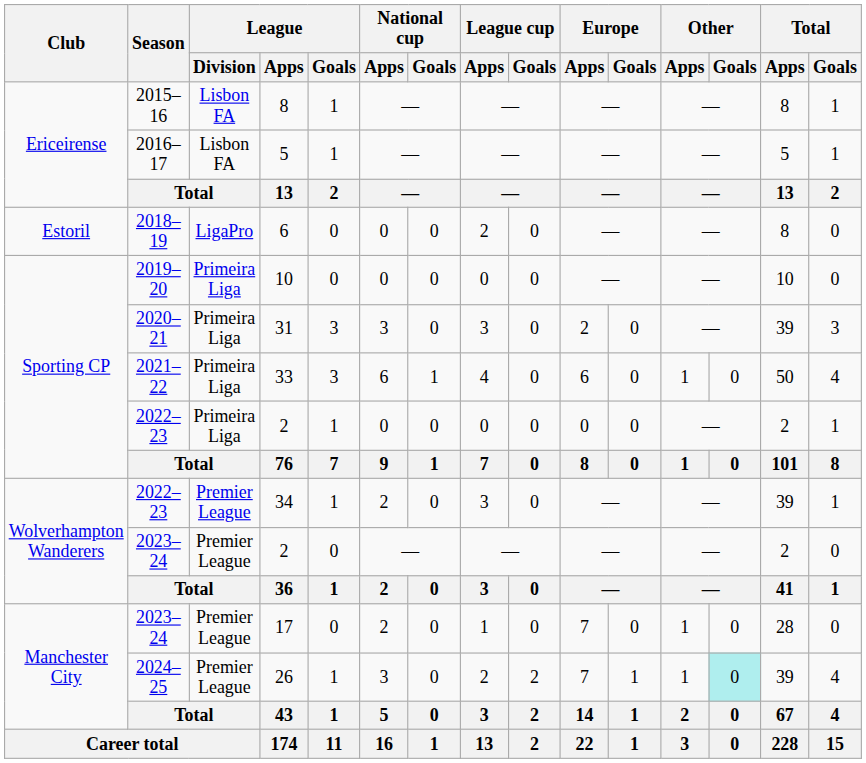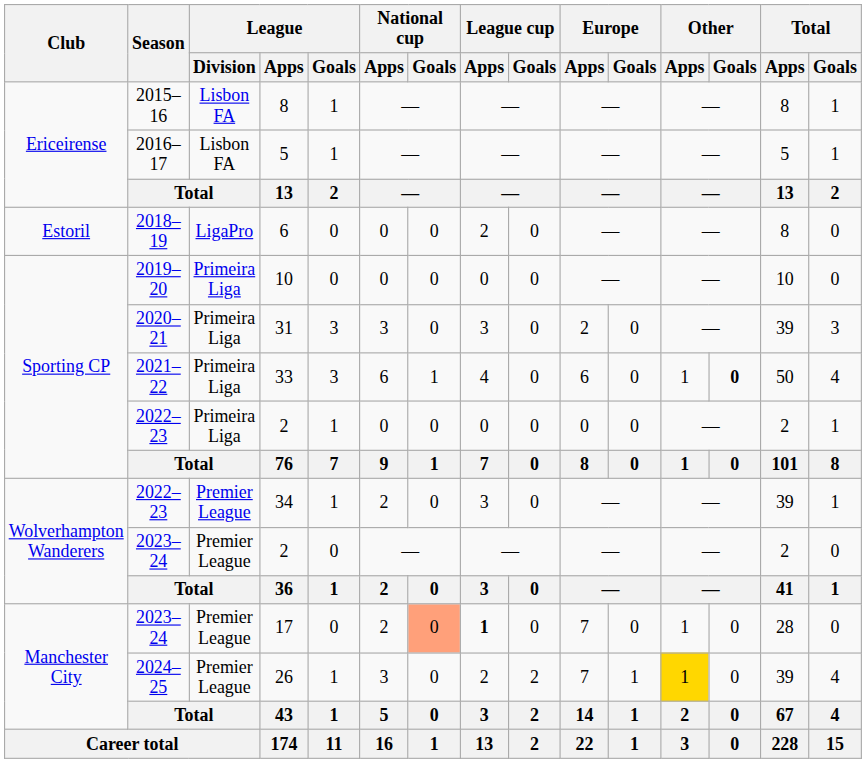 <table class="wikitable" style="text-align: center;">
 <tr>
 <th rowspan="2">Club</th>
 <th rowspan="2">Season</th>
 <th colspan="3">League</th>
 <th colspan="2">National cup</th>
 <th colspan="2">League cup</th>
 <th colspan="2">Europe</th>
 <th colspan="2">Other</th>
 <th colspan="2">Total</th>
 </tr>
 <tr>
 <th>Division</th>
 <th>Apps</th>
 <th>Goals</th>
 <th>Apps</th>
 <th>Goals</th>
 <th>Apps</th>
 <th>Goals</th>
 <th>Apps</th>
 <th>Goals</th>
 <th>Apps</th>
 <th>Goals</th>
 <th>Apps</th>
 <th>Goals</th>
 </tr>
 <tr>
 <td rowspan="3"><a href='#'>Ericeirense</a></td>
 <td>2015–16</td>
 <td><a href='#'>Lisbon FA</a></td>
 <td>8</td>
 <td>1</td>
 <td colspan="2">—</td>
 <td colspan="2">—</td>
 <td colspan="2">—</td>
 <td colspan="2">—</td>
 <td>8</td>
 <td>1</td>
 </tr>
 <tr>
 <td>2016–17</td>
 <td>Lisbon FA</td>
 <td>5</td>
 <td>1</td>
 <td colspan="2">—</td>
 <td colspan="2">—</td>
 <td colspan="2">—</td>
 <td colspan="2">—</td>
 <td>5</td>
 <td>1</td>
 </tr>
 <tr>
 <th colspan="2">Total</th>
 <th>13</th>
 <th>2</th>
 <th colspan="2">—</th>
 <th colspan="2">—</th>
 <th colspan="2">—</th>
 <th colspan="2">—</th>
 <th>13</th>
 <th>2</th>
 </tr>
 <tr>
 <td><a href='#'>Estoril</a></td>
 <td><a href='#'>2018–19</a></td>
 <td><a href='#'>LigaPro</a></td>
 <td>6</td>
 <td>0</td>
 <td>0</td>
 <td>0</td>
 <td>2</td>
 <td>0</td>
 <td colspan="2">—</td>
 <td colspan="2">—</td>
 <td>8</td>
 <td>0</td>
 </tr>
 <tr>
 <td rowspan="5"><a href='#'>Sporting CP</a></td>
 <td><a href='#'>2019–20</a></td>
 <td><a href='#'>Primeira Liga</a></td>
 <td>10</td>
 <td>0</td>
 <td>0</td>
 <td>0</td>
 <td>0</td>
 <td>0</td>
 <td colspan="2">—</td>
 <td colspan="2">—</td>
 <td>10</td>
 <td>0</td>
 </tr>
 <tr>
 <td><a href='#'>2020–21</a></td>
 <td>Primeira Liga</td>
 <td>31</td>
 <td>3</td>
 <td>3</td>
 <td>0</td>
 <td>3</td>
 <td>0</td>
 <td>2</td>
 <td>0</td>
 <td colspan="2">—</td>
 <td>39</td>
 <td>3</td>
 </tr>
 <tr>
 <td><a href='#'>2021–22</a></td>
 <td>Primeira Liga</td>
 <td>33</td>
 <td>3</td>
 <td>6</td>
 <td>1</td>
 <td>4</td>
 <td>0</td>
 <td>6</td>
 <td>0</td>
 <td>1</td>
-<td>0</td>
+<td><strong>0</strong></td>
 <td>50</td>
 <td>4</td>
 </tr>
 <tr>
 <td><a href='#'>2022–23</a></td>
 <td>Primeira Liga</td>
 <td>2</td>
 <td>1</td>
 <td>0</td>
 <td>0</td>
 <td>0</td>
 <td>0</td>
 <td>0</td>
 <td>0</td>
 <td colspan="2">—</td>
 <td>2</td>
 <td>1</td>
 </tr>
 <tr>
 <th colspan="2">Total</th>
 <th>76</th>
 <th>7</th>
 <th>9</th>
 <th>1</th>
 <th>7</th>
 <th>0</th>
 <th>8</th>
 <th>0</th>
 <th>1</th>
 <th>0</th>
 <th>101</th>
 <th>8</th>
 </tr>
 <tr>
 <td rowspan="3"><a href='#'>Wolverhampton Wanderers</a></td>
 <td><a href='#'>2022–23</a></td>
 <td><a href='#'>Premier League</a></td>
 <td>34</td>
 <td>1</td>
 <td>2</td>
 <td>0</td>
 <td>3</td>
 <td>0</td>
 <td colspan="2">—</td>
 <td colspan="2">—</td>
 <td>39</td>
 <td>1</td>
 </tr>
 <tr>
 <td><a href='#'>2023–24</a></td>
 <td>Premier League</td>
 <td>2</td>
 <td>0</td>
 <td colspan="2">—</td>
 <td colspan="2">—</td>
 <td colspan="2">—</td>
 <td colspan="2">—</td>
 <td>2</td>
 <td>0</td>
 </tr>
 <tr>
 <th colspan="2">Total</th>
 <th>36</th>
 <th>1</th>
 <th>2</th>
 <th>0</th>
 <th>3</th>
 <th>0</th>
 <th colspan="2">—</th>
 <th colspan="2">—</th>
 <th>41</th>
 <th>1</th>
 </tr>
 <tr>
 <td rowspan="3"><a href='#'>Manchester City</a></td>
 <td><a href='#'>2023–24</a></td>
 <td>Premier League</td>
 <td>17</td>
 <td>0</td>
 <td>2</td>
-<td>0</td>
-<td>1</td>
+<td style="background: lightsalmon;">0</td>
+<td><strong>1</strong></td>
 <td>0</td>
 <td>7</td>
 <td>0</td>
 <td>1</td>
 <td>0</td>
 <td>28</td>
 <td>0</td>
 </tr>
 <tr>
 <td><a href='#'>2024–25</a></td>
 <td>Premier League</td>
 <td>26</td>
 <td>1</td>
 <td>3</td>
 <td>0</td>
 <td>2</td>
 <td>2</td>
 <td>7</td>
 <td>1</td>
-<td>1</td>
-<td style="background: paleturquoise;">0</td>
+<td style="background: gold;">1</td>
+<td>0</td>
 <td>39</td>
 <td>4</td>
 </tr>
 <tr>
 <th colspan="2">Total</th>
 <th>43</th>
 <th>1</th>
 <th>5</th>
 <th>0</th>
 <th>3</th>
 <th>2</th>
 <th>14</th>
 <th>1</th>
 <th>2</th>
 <th>0</th>
 <th>67</th>
 <th>4</th>
 </tr>
 <tr>
 <th colspan="3">Career total</th>
 <th>174</th>
 <th>11</th>
 <th>16</th>
 <th>1</th>
 <th>13</th>
 <th>2</th>
 <th>22</th>
 <th>1</th>
 <th>3</th>
 <th>0</th>
 <th>228</th>
 <th>15</th>
 </tr>
 </table>
